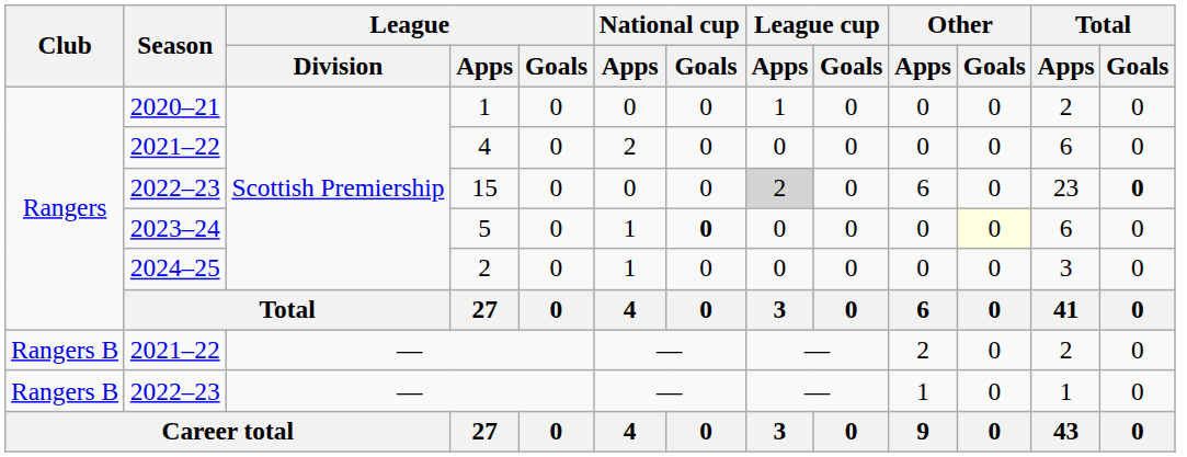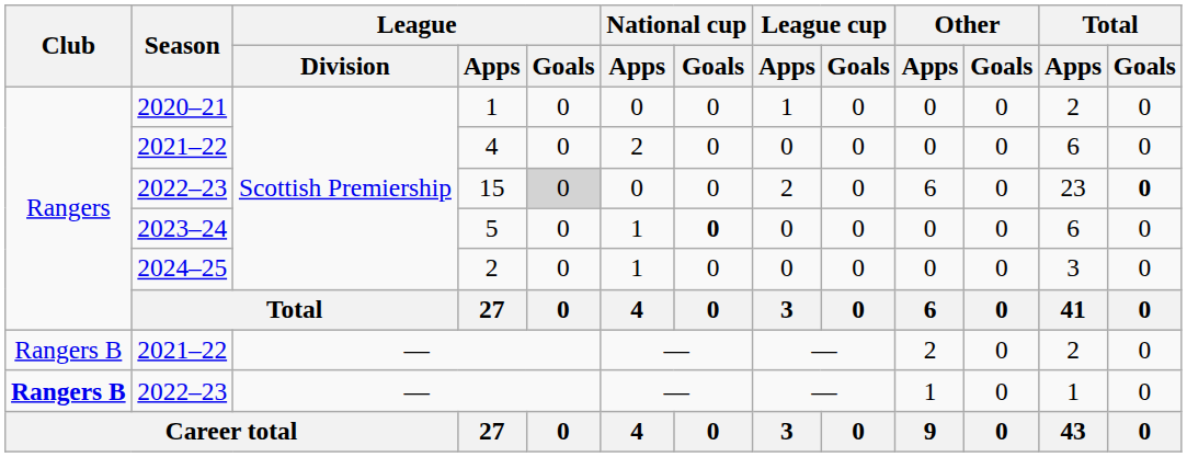 <table class="wikitable" style="text-align:center">
 <tr>
 <th rowspan="2">Club</th>
 <th rowspan="2">Season</th>
 <th colspan="3">League</th>
 <th colspan="2">National cup</th>
 <th colspan="2">League cup</th>
 <th colspan="2">Other</th>
 <th colspan="2">Total</th>
 </tr>
 <tr>
 <th>Division</th>
 <th>Apps</th>
 <th>Goals</th>
 <th>Apps</th>
 <th>Goals</th>
 <th>Apps</th>
 <th>Goals</th>
 <th>Apps</th>
 <th>Goals</th>
 <th>Apps</th>
 <th>Goals</th>
 </tr>
 <tr>
 <td rowspan=6><a href='#'>Rangers</a></td>
 <td><a href='#'>2020–21</a></td>
 <td rowspan=5><a href='#'>Scottish Premiership</a></td>
 <td>1</td>
 <td>0</td>
 <td>0</td>
 <td>0</td>
 <td>1</td>
 <td>0</td>
 <td>0</td>
 <td>0</td>
 <td>2</td>
 <td>0</td>
 </tr>
 <tr>
 <td><a href='#'>2021–22</a></td>
 <td>4</td>
 <td>0</td>
 <td>2</td>
 <td>0</td>
 <td>0</td>
 <td>0</td>
 <td>0</td>
 <td>0</td>
 <td>6</td>
 <td>0</td>
 </tr>
 <tr>
 <td><a href='#'>2022–23</a></td>
 <td>15</td>
+<td style="background: lightgrey;">0</td>
 <td>0</td>
 <td>0</td>
-<td>0</td>
-<td style="background: lightgrey;">2</td>
+<td>2</td>
 <td>0</td>
 <td>6</td>
 <td>0</td>
 <td>23</td>
 <td><strong>0</strong></td>
 </tr>
 <tr>
 <td><a href='#'>2023–24</a></td>
 <td>5</td>
 <td>0</td>
 <td>1</td>
 <td><strong>0</strong></td>
 <td>0</td>
 <td>0</td>
 <td>0</td>
-<td style="background: lightyellow;">0</td>
+<td>0</td>
 <td>6</td>
 <td>0</td>
 </tr>
 <tr>
 <td><a href='#'>2024–25</a></td>
 <td>2</td>
 <td>0</td>
 <td>1</td>
 <td>0</td>
 <td>0</td>
 <td>0</td>
 <td>0</td>
 <td>0</td>
 <td>3</td>
 <td>0</td>
 </tr>
 <tr>
 <th colspan=2>Total</th>
 <th>27</th>
 <th>0</th>
 <th>4</th>
 <th>0</th>
 <th>3</th>
 <th>0</th>
 <th>6</th>
 <th>0</th>
 <th>41</th>
 <th>0</th>
 </tr>
 <tr>
 <td><a href='#'>Rangers B</a></td>
 <td><a href='#'>2021–22</a></td>
 <td colspan=3>—</td>
 <td colspan=2>—</td>
 <td colspan=2>—</td>
 <td>2</td>
 <td>0</td>
 <td>2</td>
 <td>0</td>
 </tr>
 <tr>
-<td><a href='#'>Rangers B</a></td>
+<td><strong><a href='#'>Rangers B</a></strong></td>
 <td><a href='#'>2022–23</a></td>
 <td colspan=3>—</td>
 <td colspan=2>—</td>
 <td colspan=2>—</td>
 <td>1</td>
 <td>0</td>
 <td>1</td>
 <td>0</td>
 </tr>
 <tr>
 <th colspan="3">Career total</th>
 <th>27</th>
 <th>0</th>
 <th>4</th>
 <th>0</th>
 <th>3</th>
 <th>0</th>
 <th>9</th>
 <th>0</th>
 <th>43</th>
 <th>0</th>
 </tr>
 </table>
